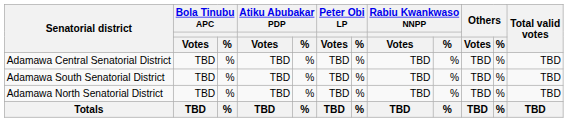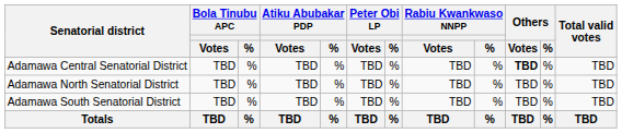 <table class="wikitable sortable" style="text-align:right; font-size:90%">
 <tr>
 <th rowspan="3" style="max-width:7.5em;">Senatorial district</th>
 <th colspan="2"><a href='#'>Bola Tinubu</a><br><small>APC</small></th>
 <th colspan="2"><a href='#'>Atiku Abubakar</a><br><small>PDP</small></th>
 <th colspan="2"><a href='#'>Peter Obi</a><br><small>LP</small></th>
 <th colspan="2"><a href='#'>Rabiu Kwankwaso</a><br><small>NNPP</small></th>
 <th colspan="2" rowspan="2">Others</th>
 <th rowspan="3" style="max-width:5em;">Total valid votes</th>
 </tr>
 <tr>
 <th colspan=2 style="background-color:"></th>
 <th colspan=2 style="background-color:"></th>
 <th colspan=2 style="background-color:"></th>
 <th colspan=2 style="background-color:"></th>
 </tr>
 <tr>
 <th>Votes</th>
 <th>%</th>
 <th>Votes</th>
 <th>%</th>
 <th>Votes</th>
 <th>%</th>
 <th>Votes</th>
 <th>%</th>
 <th>Votes</th>
 <th>%</th>
 </tr>
 <tr style="background-color:#">
 <td style="text-align:left;">Adamawa Central Senatorial District</td>
 <td>TBD</td>
 <td>%</td>
 <td>TBD</td>
 <td>%</td>
 <td>TBD</td>
 <td>%</td>
 <td>TBD</td>
 <td>%</td>
-<td>TBD</td>
+<td><strong>TBD</strong></td>
 <td>%</td>
 <td>TBD</td>
 </tr>
 <tr style="background-color:#">
-<td style="text-align:left;">Adamawa South Senatorial District</td>
+<td style="text-align:left;">Adamawa North Senatorial District</td>
 <td>TBD</td>
 <td>%</td>
 <td>TBD</td>
 <td>%</td>
 <td>TBD</td>
 <td>%</td>
 <td>TBD</td>
 <td>%</td>
 <td>TBD</td>
 <td>%</td>
 <td>TBD</td>
 </tr>
 <tr style="background-color:#">
-<td style="text-align:left;">Adamawa North Senatorial District</td>
+<td style="text-align:left;">Adamawa South Senatorial District</td>
 <td>TBD</td>
 <td>%</td>
 <td>TBD</td>
 <td>%</td>
 <td>TBD</td>
 <td>%</td>
 <td>TBD</td>
 <td>%</td>
 <td>TBD</td>
 <td>%</td>
 <td>TBD</td>
 </tr>
 <tr>
 <th>Totals</th>
 <th>TBD</th>
 <th>%</th>
 <th>TBD</th>
 <th>%</th>
 <th>TBD</th>
 <th>%</th>
 <th>TBD</th>
 <th>%</th>
 <th>TBD</th>
 <th>%</th>
 <th>TBD</th>
 </tr>
 </table>
